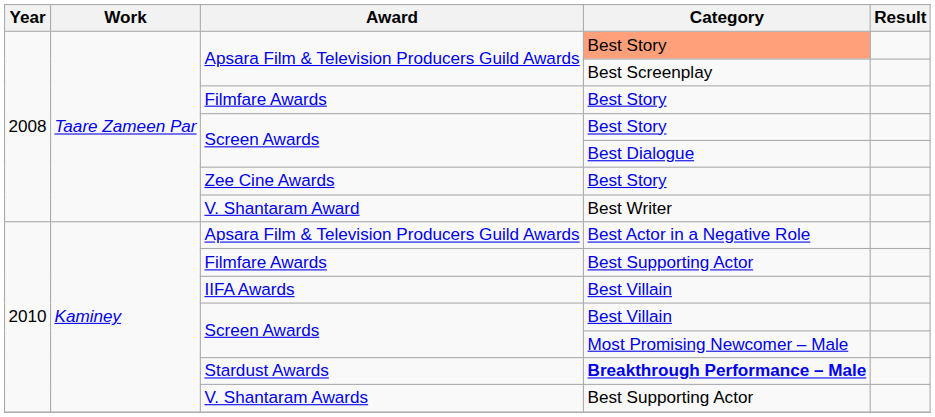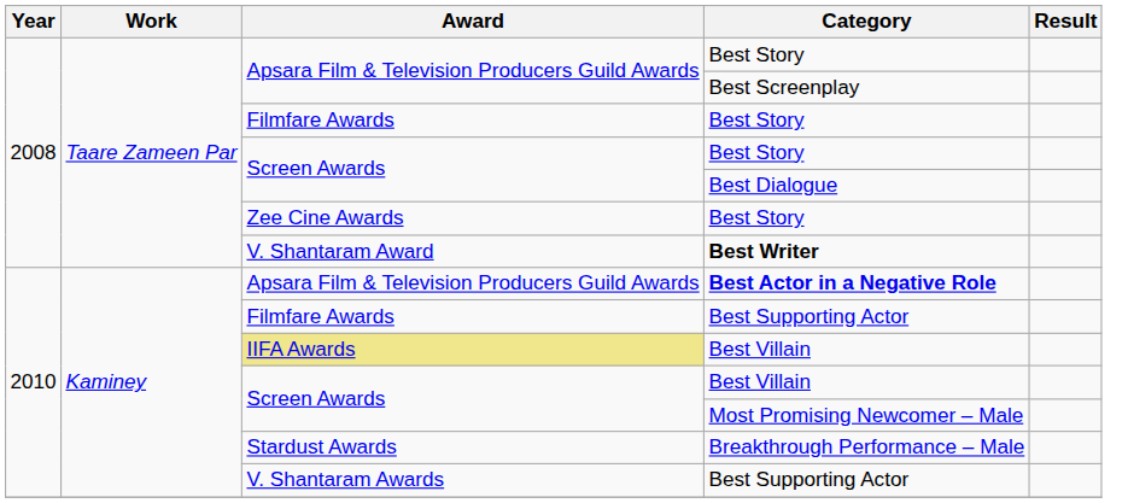 <table class="wikitable sortable">
 <tr>
 <th>Year</th>
 <th>Work</th>
 <th>Award</th>
 <th>Category</th>
 <th>Result</th>
 </tr>
 <tr>
 <td rowspan="7">2008</td>
 <td rowspan="7"><em><a href='#'>Taare Zameen Par</a></em></td>
 <td rowspan="2"><a href='#'>Apsara Film & Television Producers Guild Awards</a></td>
-<td style="background: lightsalmon;">Best Story</td>
+<td>Best Story</td>
 <td></td>
 </tr>
 <tr>
 <td>Best Screenplay</td>
 <td></td>
 </tr>
 <tr>
 <td><a href='#'>Filmfare Awards</a></td>
 <td><a href='#'>Best Story</a></td>
 <td></td>
 </tr>
 <tr>
 <td rowspan="2"><a href='#'>Screen Awards</a></td>
 <td><a href='#'>Best Story</a></td>
 <td></td>
 </tr>
 <tr>
 <td><a href='#'>Best Dialogue</a></td>
 <td></td>
 </tr>
 <tr>
 <td><a href='#'>Zee Cine Awards</a></td>
 <td><a href='#'>Best Story</a></td>
 <td></td>
 </tr>
 <tr>
 <td><a href='#'>V. Shantaram Award</a></td>
-<td>Best Writer</td>
+<td><strong>Best Writer</strong></td>
 <td></td>
 </tr>
 <tr>
 <td rowspan="7">2010</td>
 <td rowspan="7"><em><a href='#'>Kaminey</a></em></td>
 <td><a href='#'>Apsara Film & Television Producers Guild Awards</a></td>
-<td><a href='#'>Best Actor in a Negative Role</a></td>
+<td><strong><a href='#'>Best Actor in a Negative Role</a></strong></td>
 <td></td>
 </tr>
 <tr>
 <td><a href='#'>Filmfare Awards</a></td>
 <td><a href='#'>Best Supporting Actor</a></td>
 <td></td>
 </tr>
 <tr>
-<td><a href='#'>IIFA Awards</a></td>
+<td style="background: khaki;"><a href='#'>IIFA Awards</a></td>
 <td><a href='#'>Best Villain</a></td>
 <td></td>
 </tr>
 <tr>
 <td rowspan="2"><a href='#'>Screen Awards</a></td>
 <td><a href='#'>Best Villain</a></td>
 <td></td>
 </tr>
 <tr>
 <td><a href='#'>Most Promising Newcomer – Male</a></td>
 <td></td>
 </tr>
 <tr>
 <td><a href='#'>Stardust Awards</a></td>
-<td><strong><a href='#'>Breakthrough Performance – Male</a></strong></td>
+<td><a href='#'>Breakthrough Performance – Male</a></td>
 <td></td>
 </tr>
 <tr>
 <td><a href='#'>V. Shantaram Awards</a></td>
 <td>Best Supporting Actor</td>
 <td></td>
 </tr>
 <tr>
 </tr>
 </table>
